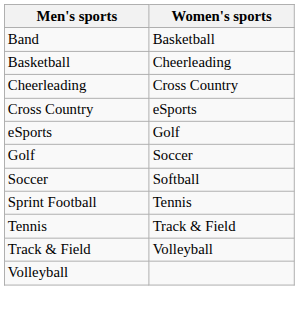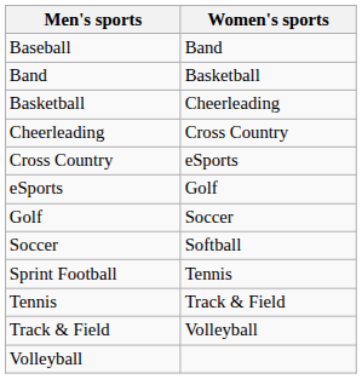 <table class="wikitable"; style" ">
 <tr>
 <th width=150px>Men's sports</th>
 <th width=150px>Women's sports</th>
+</tr>
+<tr>
+<td>Baseball</td>
+<td>Band</td>
 </tr>
 <tr>
 <td>Band</td>
 <td>Basketball</td>
 </tr>
 <tr>
 <td>Basketball</td>
 <td>Cheerleading</td>
 </tr>
 <tr>
 <td>Cheerleading</td>
 <td>Cross Country</td>
 </tr>
 <tr>
 <td>Cross Country</td>
 <td>eSports</td>
 </tr>
 <tr>
 <td>eSports</td>
 <td>Golf</td>
 </tr>
 <tr>
 <td>Golf</td>
 <td>Soccer</td>
 </tr>
 <tr>
 <td>Soccer</td>
 <td>Softball</td>
 </tr>
 <tr>
 <td>Sprint Football</td>
 <td>Tennis</td>
 </tr>
 <tr>
 <td>Tennis</td>
 <td>Track & Field</td>
 </tr>
 <tr>
 <td>Track & Field</td>
 <td>Volleyball</td>
 </tr>
 <tr>
 <td>Volleyball</td>
 <td></td>
 </tr>
 </table>
